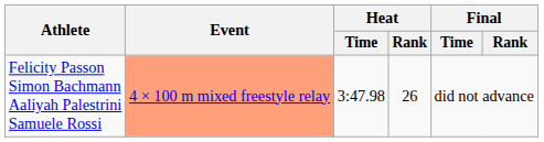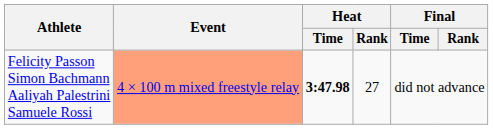 <table class=wikitable style="font-size:90%">
 <tr>
 <th rowspan="2">Athlete</th>
 <th rowspan="2">Event</th>
 <th colspan="2">Heat</th>
 <th colspan="2">Final</th>
 </tr>
 <tr style="font-size:95%">
 <th>Time</th>
 <th>Rank</th>
 <th>Time</th>
 <th>Rank</th>
 </tr>
 <tr align=center>
 <td align=left><a href='#'>Felicity Passon</a><br><a href='#'>Simon Bachmann</a><br><a href='#'>Aaliyah Palestrini</a><br><a href='#'>Samuele Rossi</a></td>
 <td align=left style="background: lightsalmon;"><a href='#'>4 × 100 m mixed freestyle relay</a></td>
-<td>3:47.98</td>
-<td>26</td>
+<td><strong>3:47.98</strong></td>
+<td>27</td>
 <td colspan=2>did not advance</td>
 </tr>
 </table>
